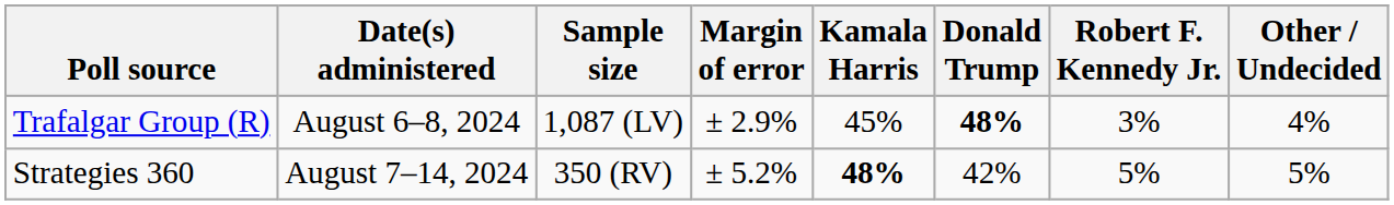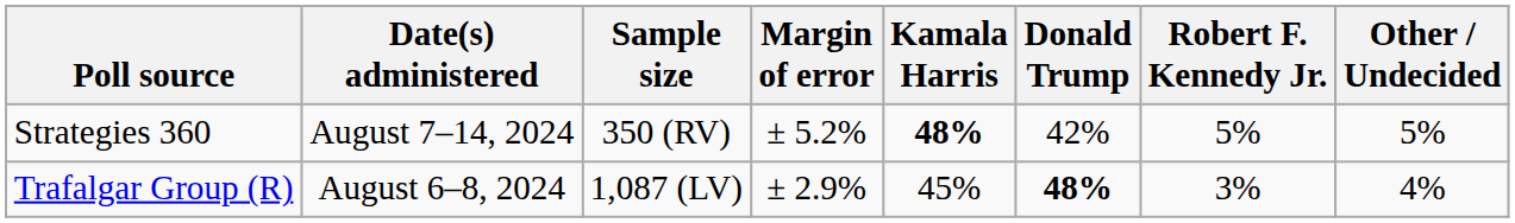 <table class="wikitable sortable mw-datatable" style="font-size:90%;text-align:center;line-height:17px">
 <tr valign=bottom>
 <th>Poll source</th>
 <th>Date(s)<br>administered</th>
 <th>Sample<br>size</th>
 <th>Margin<br>of error</th>
 <th class="unsortable">Kamala<br>Harris<br></th>
 <th class="unsortable">Donald<br>Trump<br></th>
 <th class="unsortable">Robert F.<br>Kennedy Jr.<br></th>
 <th class="unsortable">Other /<br>Undecided</th>
 </tr>
 <tr>
+<td style="text-align:left;">Strategies 360</td>
+<td data-sort-value="2024-08-29">August 7–14, 2024</td>
+<td>350 (RV)</td>
+<td>± 5.2%</td>
+<td style="color:black;background-color:"><strong>48%</strong></td>
+<td>42%</td>
+<td>5%</td>
+<td>5%</td>
+</tr>
+<tr>
 <td style="text-align:left;"><a href='#'>Trafalgar Group (R)</a></td>
 <td data-sort-value="2024-08-08">August 6–8, 2024</td>
 <td>1,087 (LV)</td>
 <td>± 2.9%</td>
 <td>45%</td>
 <td style="background-color:"><strong>48%</strong></td>
 <td>3%</td>
 <td>4%</td>
 </tr>
-<tr>
-<td style="text-align:left;">Strategies 360</td>
-<td data-sort-value="2024-08-29">August 7–14, 2024</td>
-<td>350 (RV)</td>
-<td>± 5.2%</td>
-<td style="color:black;background-color:"><strong>48%</strong></td>
-<td>42%</td>
-<td>5%</td>
-<td>5%</td>
-</tr>
 </table>
